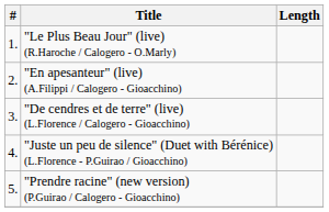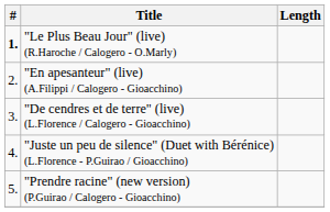 <table class="wikitable" size=80%>
 <tr>
 <th>#</th>
 <th>Title</th>
 <th>Length</th>
 </tr>
 <tr>
-<td>1.</td>
+<td><strong>1.</strong></td>
 <td>"Le Plus Beau Jour" (live) <br><small>(R.Haroche / Calogero - O.Marly)</small></td>
 <td></td>
 </tr>
 <tr>
 <td>2.</td>
 <td>"En apesanteur" (live) <br><small>(A.Filippi / Calogero - Gioacchino)</small></td>
 <td></td>
 </tr>
 <tr>
 <td>3.</td>
 <td>"De cendres et de terre" (live) <br><small>(L.Florence / Calogero - Gioacchino)</small></td>
 <td></td>
 </tr>
 <tr>
 <td>4.</td>
 <td>"Juste un peu de silence" (Duet with Bérénice) <br><small>(L.Florence - P.Guirao / Gioacchino)</small></td>
 <td></td>
 </tr>
 <tr>
 <td>5.</td>
 <td>"Prendre racine" (new version) <br><small>(P.Guirao / Calogero - Gioacchino)</small></td>
 <td></td>
 </tr>
 <tr>
 </tr>
 </table>
